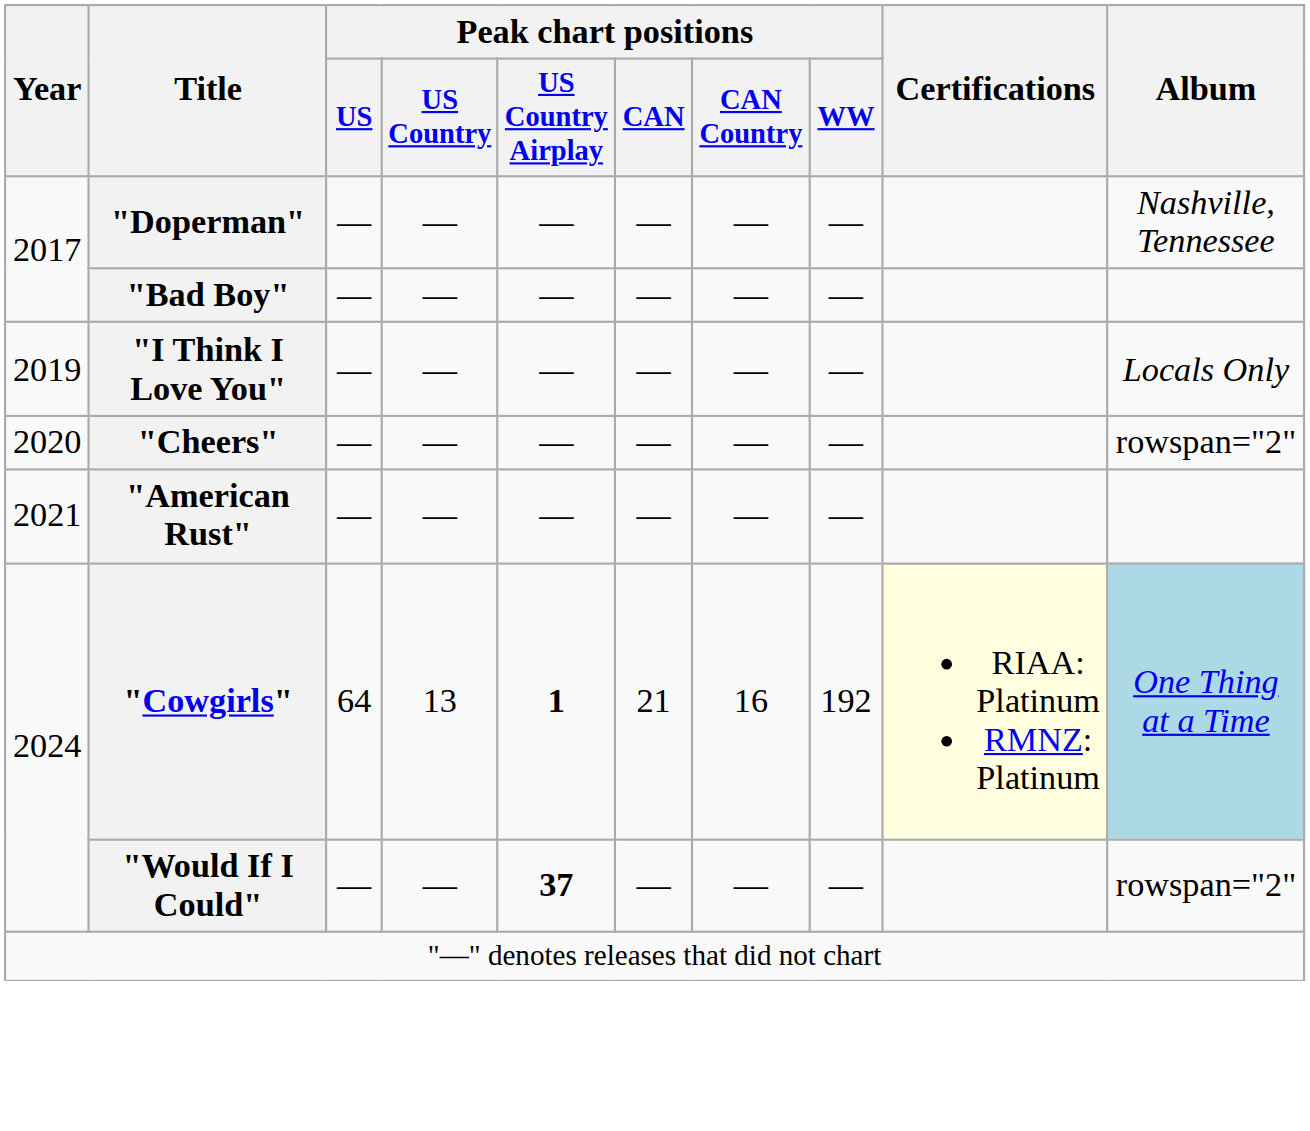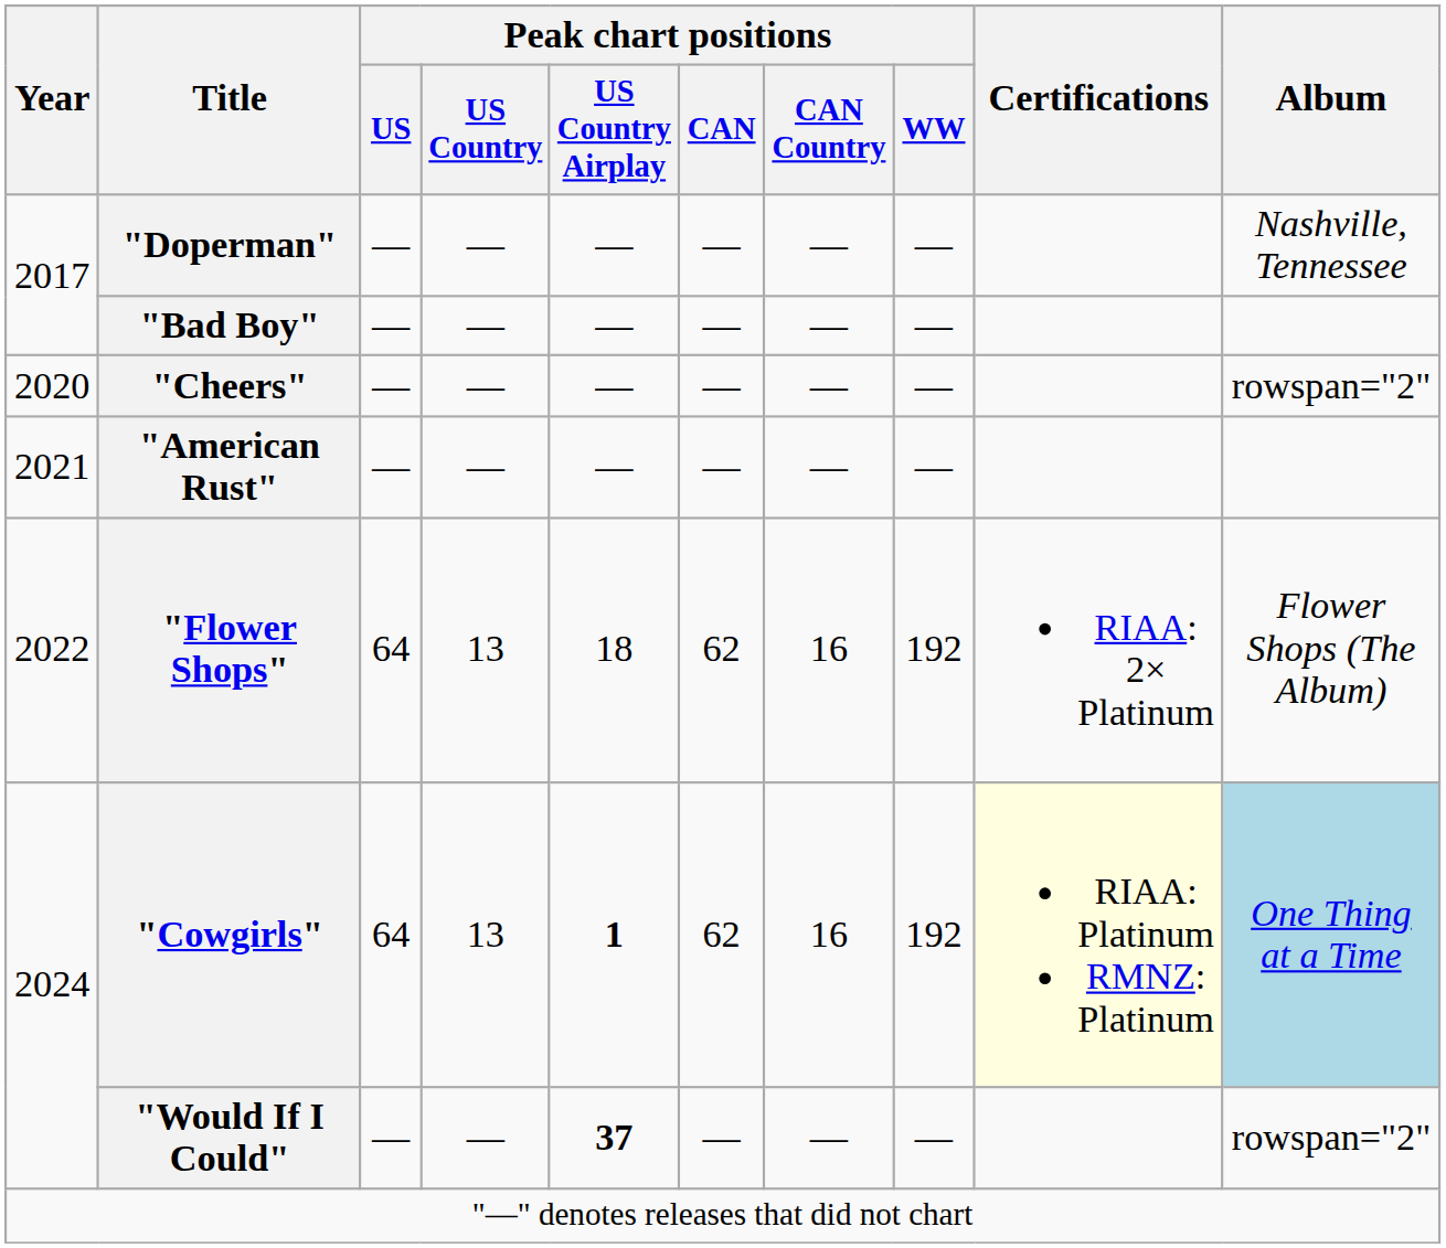 <table class="wikitable plainrowheaders" style="text-align:center;">
 <tr>
 <th scope="col" rowspan="2">Year</th>
 <th scope="col" rowspan="2" style="width:16em;">Title</th>
 <th scope="col" colspan="6">Peak chart positions</th>
 <th scope="col" rowspan="2">Certifications</th>
 <th scope="col" rowspan="2">Album</th>
 </tr>
 <tr style="font-size:smaller;">
 <th scope="col" width="45"><a href='#'>US</a><br></th>
 <th scope="col" width="45"><a href='#'>US Country</a><br></th>
 <th scope="col" width="45"><a href='#'>US Country Airplay</a><br></th>
 <th scope="col" width="45"><a href='#'>CAN</a><br></th>
 <th scope="col" width="45"><a href='#'>CAN Country</a><br></th>
 <th scope="col" width="45"><a href='#'>WW</a><br></th>
 </tr>
 <tr>
 <td rowspan="2">2017</td>
 <th scope="row">"Doperman"</th>
 <td>—</td>
 <td>—</td>
 <td>—</td>
 <td>—</td>
 <td>—</td>
 <td>—</td>
 <td></td>
 <td><em>Nashville, Tennessee</em></td>
 </tr>
 <tr>
 <th scope="row">"Bad Boy"</th>
 <td>—</td>
 <td>—</td>
 <td>—</td>
 <td>—</td>
 <td>—</td>
 <td>—</td>
 <td></td>
 </tr>
 <tr>
-<td>2019</td>
-<th scope="row">"I Think I Love You"</th>
-<td>—</td>
-<td>—</td>
-<td>—</td>
-<td>—</td>
-<td>—</td>
-<td>—</td>
-<td></td>
-<td><em>Locals Only</em></td>
-</tr>
-<tr>
 <td>2020</td>
 <th scope="row">"Cheers"</th>
 <td>—</td>
 <td>—</td>
 <td>—</td>
 <td>—</td>
 <td>—</td>
 <td>—</td>
 <td></td>
 <td>rowspan="2" </td>
 </tr>
 <tr>
 <td>2021</td>
 <th scope="row">"American Rust"</th>
 <td>—</td>
 <td>—</td>
 <td>—</td>
 <td>—</td>
 <td>—</td>
 <td>—</td>
 <td></td>
 </tr>
 <tr>
+<td>2022</td>
+<th scope="row">"<a href='#'>Flower Shops</a>"<br></th>
+<td>64</td>
+<td>13</td>
+<td>18</td>
+<td>62</td>
+<td>16</td>
+<td>192</td>
+<td><br><ul><li><a href='#'>RIAA</a>: 2× Platinum</li></ul></td>
+<td><em>Flower Shops (The Album)</em></td>
+</tr>
+<tr>
 <td rowspan="2">2024</td>
 <th scope="row">"<a href='#'>Cowgirls</a>"<br></th>
 <td>64</td>
 <td>13</td>
 <td><strong>1</strong></td>
-<td>21</td>
+<td>62</td>
 <td>16</td>
 <td>192</td>
 <td style="background: lightyellow;"><br><ul><li>RIAA: Platinum</li><li><a href='#'>RMNZ</a>: Platinum</li></ul></td>
 <td style="background: lightblue;"><em><a href='#'>One Thing at a Time</a></em></td>
 </tr>
 <tr>
 <th scope="row">"Would If I Could"</th>
 <td>—</td>
 <td>—</td>
 <td><strong>37</strong></td>
 <td>—</td>
 <td>—</td>
 <td>—</td>
 <td></td>
 <td>rowspan="2" </td>
 </tr>
 <tr>
 <td colspan="10" style="font-size:85%">"—" denotes releases that did not chart</td>
 </tr>
 </table>
